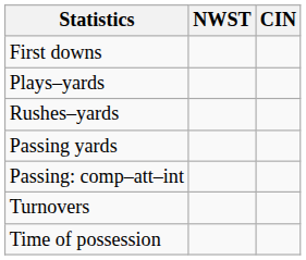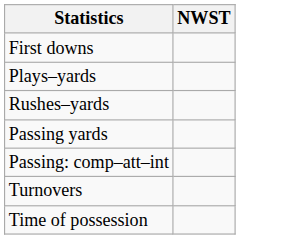 <table class="wikitable" style="float:left">
 <tr>
 <th>Statistics</th>
 <th>NWST</th>
-<th>CIN</th>
 </tr>
 <tr>
 <td>First downs</td>
-<td></td>
 <td></td>
 </tr>
 <tr>
 <td>Plays–yards</td>
 <td></td>
-<td></td>
 </tr>
 <tr>
 <td>Rushes–yards</td>
-<td></td>
 <td></td>
 </tr>
 <tr>
 <td>Passing yards</td>
 <td></td>
-<td></td>
 </tr>
 <tr>
 <td>Passing: comp–att–int</td>
-<td></td>
 <td></td>
 </tr>
 <tr>
 <td>Turnovers</td>
 <td></td>
-<td></td>
 </tr>
 <tr>
 <td>Time of possession</td>
 <td></td>
-<td></td>
 </tr>
 </table>
